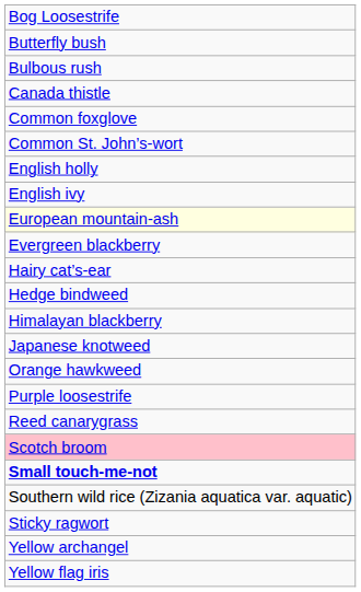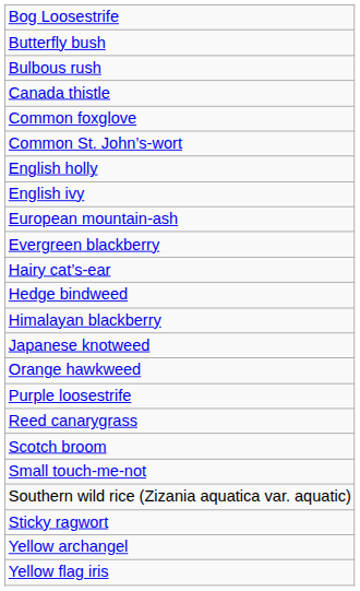 <table class="wikitable mw-collapsible">
 <tr>
 <td><a href='#'>Bog Loosestrife</a></td>
 </tr>
 <tr>
 <td><a href='#'>Butterfly bush</a></td>
 </tr>
 <tr>
 <td><a href='#'>Bulbous rush</a></td>
 </tr>
 <tr>
 <td><a href='#'>Canada thistle</a></td>
 </tr>
 <tr>
 <td><a href='#'>Common foxglove</a></td>
 </tr>
 <tr>
 <td><a href='#'>Common St. John’s-wort</a></td>
 </tr>
 <tr>
 <td><a href='#'>English holly</a></td>
 </tr>
 <tr>
 <td><a href='#'>English ivy</a></td>
 </tr>
 <tr>
-<td style="background: lightyellow;"><a href='#'>European mountain-ash</a></td>
+<td><a href='#'>European mountain-ash</a></td>
 </tr>
 <tr>
 <td><a href='#'>Evergreen blackberry</a></td>
 </tr>
 <tr>
 <td><a href='#'>Hairy cat’s-ear</a></td>
 </tr>
 <tr>
 <td><a href='#'>Hedge bindweed</a></td>
 </tr>
 <tr>
 <td><a href='#'>Himalayan blackberry</a></td>
 </tr>
 <tr>
 <td><a href='#'>Japanese knotweed</a></td>
 </tr>
 <tr>
 <td><a href='#'>Orange hawkweed</a></td>
 </tr>
 <tr>
 <td><a href='#'>Purple loosestrife</a></td>
 </tr>
 <tr>
 <td><a href='#'>Reed canarygrass</a></td>
 </tr>
 <tr>
-<td style="background: pink;"><a href='#'>Scotch broom</a></td>
+<td><a href='#'>Scotch broom</a></td>
 </tr>
 <tr>
-<td><strong><a href='#'>Small touch-me-not</a></strong></td>
+<td><a href='#'>Small touch-me-not</a></td>
 </tr>
 <tr>
 <td>Southern wild rice (Zizania aquatica var. aquatic)</td>
 </tr>
 <tr>
 <td><a href='#'>Sticky ragwort</a></td>
 </tr>
 <tr>
 <td><a href='#'>Yellow archangel</a></td>
 </tr>
 <tr>
 <td><a href='#'>Yellow flag iris</a></td>
 </tr>
 </table>
